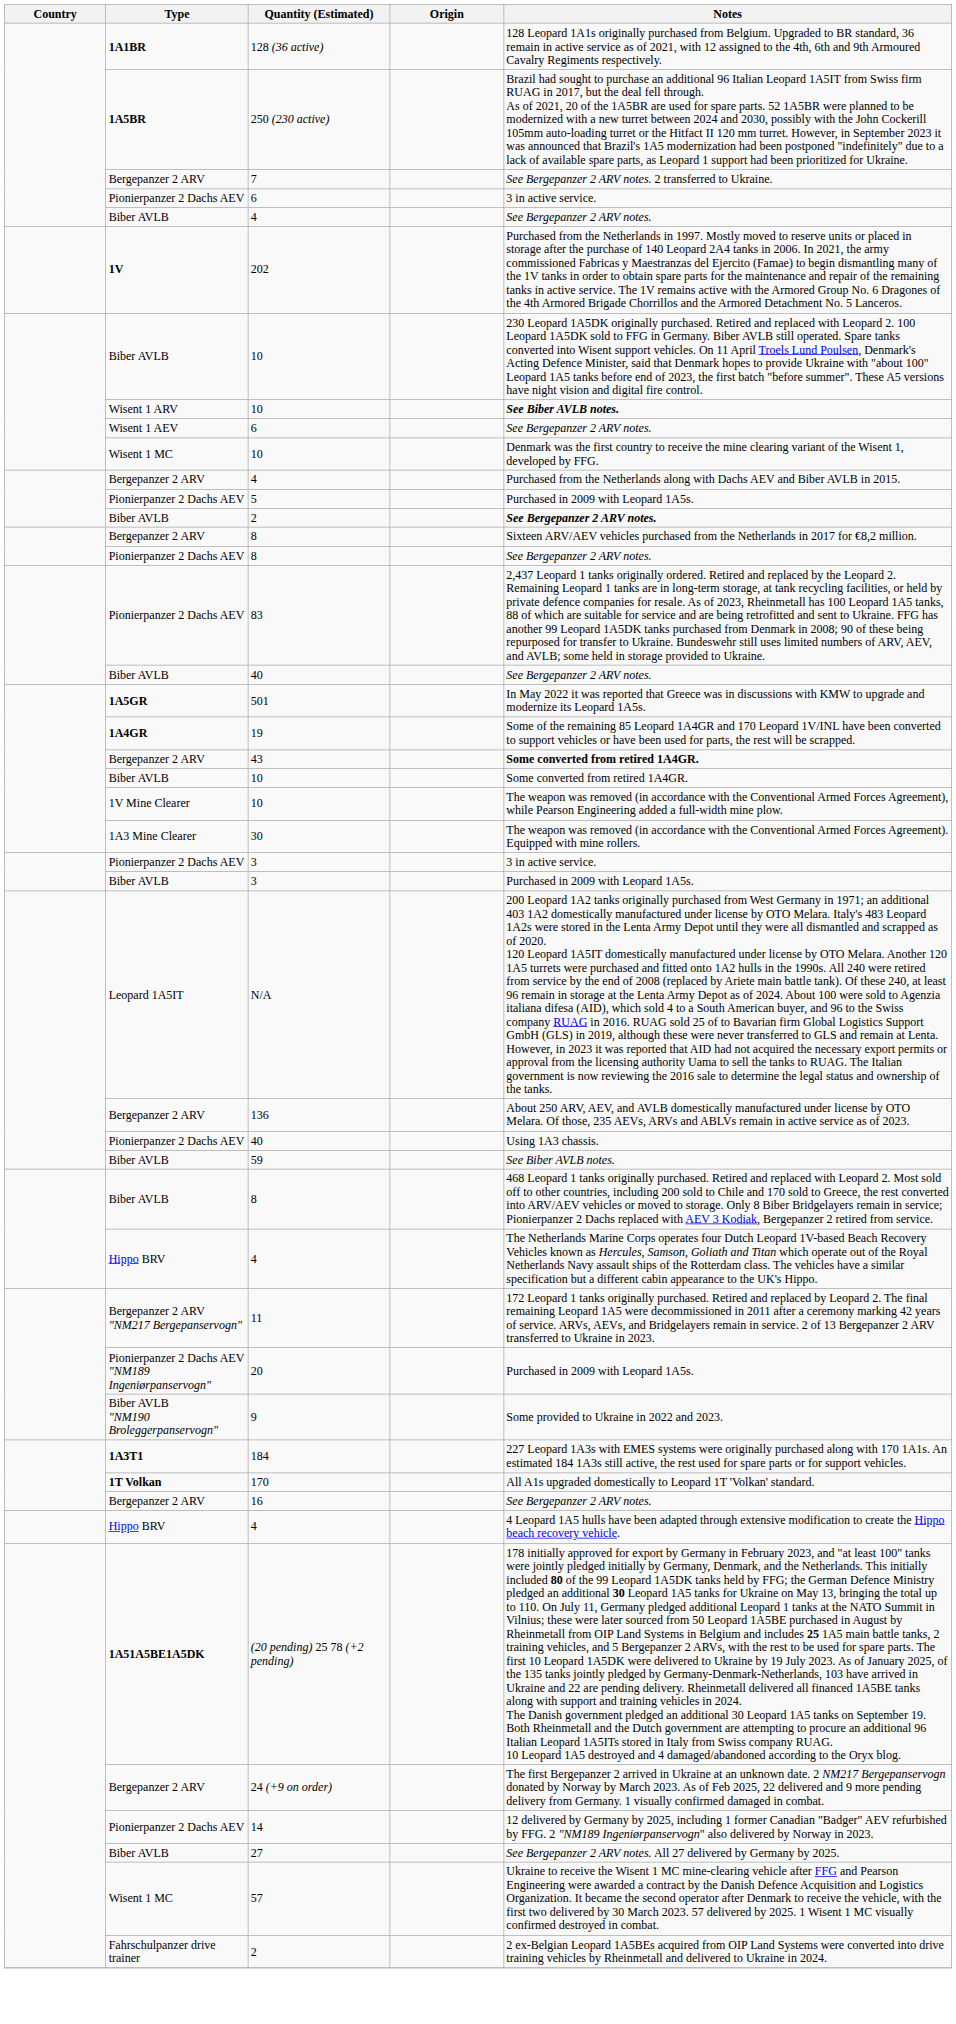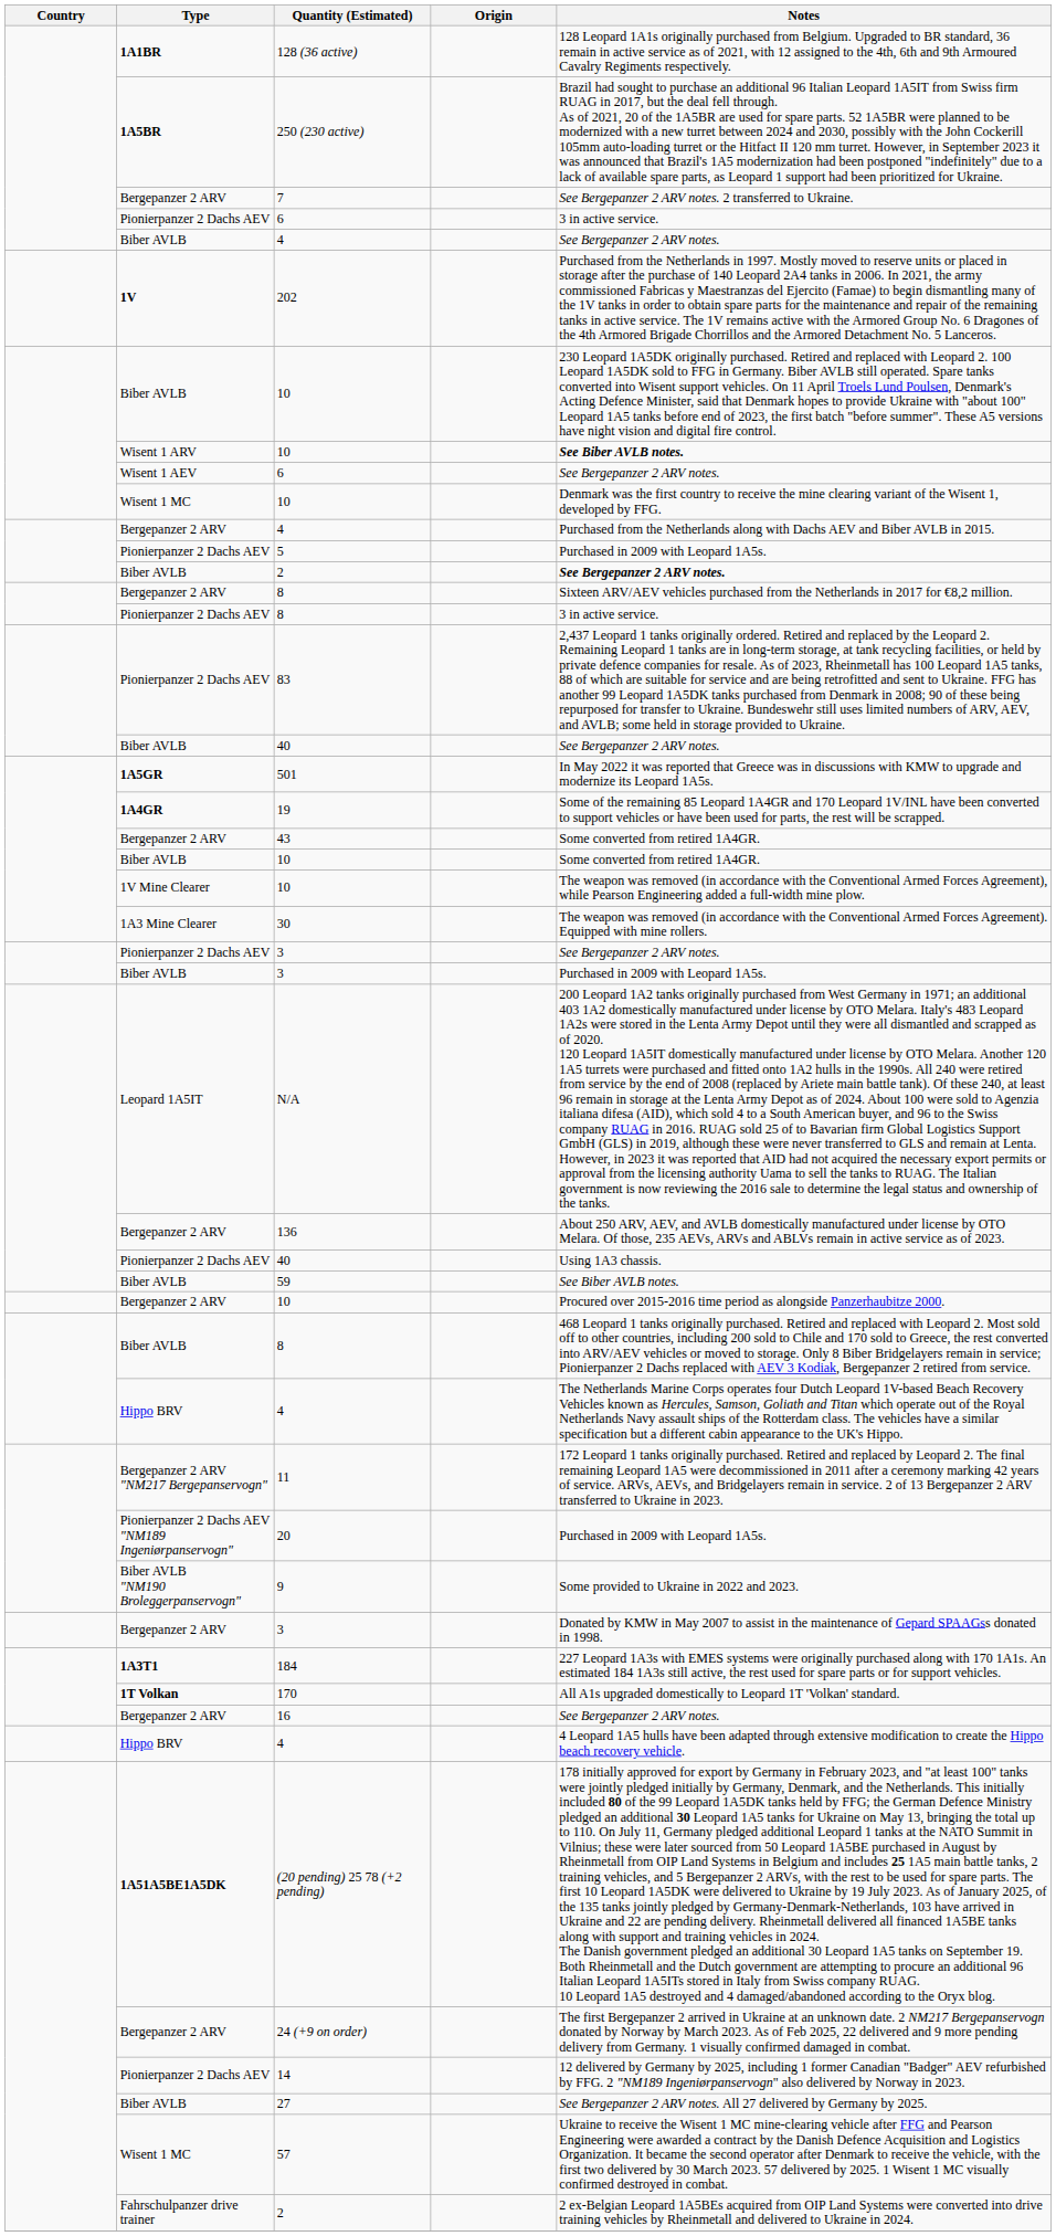 <table class="wikitable" Width="100%">
 <tr>
 <th style=width:8em>Country</th>
 <th width="15%">Type</th>
 <th width="15%">Quantity (Estimated)</th>
 <th style=width:9em>Origin</th>
 <th>Notes</th>
 </tr>
 <tr>
 <td rowspan="5" valign="top"></td>
 <td><strong>1A1BR</strong></td>
 <td>128 <em>(36 active)</em></td>
 <td></td>
 <td>128 Leopard 1A1s originally purchased from Belgium. Upgraded to BR standard, 36 remain in active service as of 2021, with 12 assigned to the 4th, 6th and 9th Armoured Cavalry Regiments respectively.</td>
 </tr>
 <tr>
 <td><strong>1A5BR</strong></td>
 <td>250 <em>(230 active)</em></td>
 <td></td>
 <td>Brazil had sought to purchase an additional 96 Italian Leopard 1A5IT from Swiss firm RUAG in 2017, but the deal fell through.<br>As of 2021, 20 of the 1A5BR are used for spare parts. 52 1A5BR were planned to be modernized with a new turret between 2024 and 2030, possibly with the John Cockerill 105mm auto-loading turret or the Hitfact II 120 mm turret. However, in September 2023 it was announced that Brazil's 1A5 modernization had been postponed "indefinitely" due to a lack of available spare parts, as Leopard 1 support had been prioritized for Ukraine.</td>
 </tr>
 <tr>
 <td>Bergepanzer 2 ARV</td>
 <td>7</td>
 <td></td>
 <td><em>See Bergepanzer 2 ARV notes.</em> 2 transferred to Ukraine.</td>
 </tr>
 <tr>
 <td>Pionierpanzer 2 Dachs AEV</td>
 <td>6</td>
 <td></td>
 <td>3 in active service.</td>
 </tr>
 <tr>
 <td>Biber AVLB</td>
 <td>4</td>
 <td></td>
 <td><em>See Bergepanzer 2 ARV notes.</em></td>
 </tr>
 <tr>
 <td rowspan="1" valign="top"></td>
 <td><strong>1V</strong></td>
 <td>202</td>
 <td></td>
 <td>Purchased from the Netherlands in 1997. Mostly moved to reserve units or placed in storage after the purchase of 140 Leopard 2A4 tanks in 2006. In 2021, the army commissioned Fabricas y Maestranzas del Ejercito (Famae) to begin dismantling many of the 1V tanks in order to obtain spare parts for the maintenance and repair of the remaining tanks in active service. The 1V remains active with the Armored Group No. 6 Dragones of the 4th Armored Brigade Chorrillos and the Armored Detachment No. 5 Lanceros.</td>
 </tr>
 <tr>
 <td rowspan="4" valign="top"></td>
 <td>Biber AVLB</td>
 <td>10</td>
 <td></td>
 <td>230 Leopard 1A5DK originally purchased. Retired and replaced with Leopard 2. 100 Leopard 1A5DK sold to FFG in Germany. Biber AVLB still operated. Spare tanks converted into Wisent support vehicles. On 11 April <a href='#'>Troels Lund Poulsen</a>, Denmark's Acting Defence Minister, said that Denmark hopes to provide Ukraine with "about 100" Leopard 1A5 tanks before end of 2023, the first batch "before summer". These A5 versions have night vision and digital fire control.</td>
 </tr>
 <tr>
 <td>Wisent 1 ARV</td>
 <td>10</td>
 <td></td>
 <td><strong><em>See Biber AVLB notes.</em></strong></td>
 </tr>
 <tr>
 <td>Wisent 1 AEV</td>
 <td>6</td>
 <td></td>
 <td><em>See Bergepanzer 2 ARV notes.</em></td>
 </tr>
 <tr>
 <td>Wisent 1 MC</td>
 <td>10</td>
 <td><br></td>
 <td>Denmark was the first country to receive the mine clearing variant of the Wisent 1, developed by FFG.</td>
 </tr>
 <tr>
 <td rowspan="3" valign="top"></td>
 <td>Bergepanzer 2 ARV</td>
 <td>4</td>
 <td></td>
 <td>Purchased from the Netherlands along with Dachs AEV and Biber AVLB in 2015.</td>
 </tr>
 <tr>
 <td>Pionierpanzer 2 Dachs AEV</td>
 <td>5</td>
 <td></td>
 <td>Purchased in 2009 with Leopard 1A5s.</td>
 </tr>
 <tr>
 <td>Biber AVLB</td>
 <td>2</td>
 <td></td>
 <td><strong><em>See Bergepanzer 2 ARV notes.</em></strong></td>
 </tr>
 <tr>
 <td rowspan="2" valign="top"></td>
 <td>Bergepanzer 2 ARV</td>
 <td>8</td>
 <td></td>
 <td>Sixteen ARV/AEV vehicles purchased from the Netherlands in 2017 for €8,2 million.</td>
 </tr>
 <tr>
 <td>Pionierpanzer 2 Dachs AEV</td>
 <td>8</td>
 <td></td>
-<td><em>See Bergepanzer 2 ARV notes.</em></td>
+<td>3 in active service.</td>
 </tr>
 <tr>
 <td rowspan="2" valign="top"></td>
 <td>Pionierpanzer 2 Dachs AEV</td>
 <td>83</td>
 <td></td>
 <td>2,437 Leopard 1 tanks originally ordered. Retired and replaced by the Leopard 2. Remaining Leopard 1 tanks are in long-term storage, at tank recycling facilities, or held by private defence companies for resale. As of 2023, Rheinmetall has 100 Leopard 1A5 tanks, 88 of which are suitable for service and are being retrofitted and sent to Ukraine. FFG has another 99 Leopard 1A5DK tanks purchased from Denmark in 2008; 90 of these being repurposed for transfer to Ukraine. Bundeswehr still uses limited numbers of ARV, AEV, and AVLB; some held in storage provided to Ukraine.</td>
 </tr>
 <tr>
 <td>Biber AVLB</td>
 <td>40</td>
 <td></td>
 <td><em>See Bergepanzer 2 ARV notes.</em></td>
 </tr>
 <tr>
 <td rowspan="6" valign="top"></td>
 <td><strong>1A5GR</strong></td>
 <td>501</td>
 <td></td>
 <td>In May 2022 it was reported that Greece was in discussions with KMW to upgrade and modernize its Leopard 1A5s.</td>
 </tr>
 <tr>
 <td><strong>1A4GR</strong></td>
 <td>19</td>
 <td></td>
 <td>Some of the remaining 85 Leopard 1A4GR and 170 Leopard 1V/INL have been converted to support vehicles or have been used for parts, the rest will be scrapped.</td>
 </tr>
 <tr>
 <td>Bergepanzer 2 ARV</td>
 <td>43</td>
 <td></td>
-<td><strong>Some converted from retired 1A4GR.</strong></td>
+<td>Some converted from retired 1A4GR.</td>
 </tr>
 <tr>
 <td>Biber AVLB</td>
 <td>10</td>
 <td></td>
 <td>Some converted from retired 1A4GR.</td>
 </tr>
 <tr>
 <td>1V Mine Clearer</td>
 <td>10</td>
 <td></td>
 <td>The weapon was removed (in accordance with the Conventional Armed Forces Agreement), while Pearson Engineering added a full-width mine plow.</td>
 </tr>
 <tr>
 <td>1A3 Mine Clearer</td>
 <td>30</td>
 <td></td>
 <td>The weapon was removed (in accordance with the Conventional Armed Forces Agreement). Equipped with mine rollers.</td>
 </tr>
 <tr>
 <td rowspan="2" valign="top"></td>
 <td>Pionierpanzer 2 Dachs AEV</td>
 <td>3</td>
 <td></td>
-<td>3 in active service.</td>
+<td><em>See Bergepanzer 2 ARV notes.</em></td>
 </tr>
 <tr>
 <td>Biber AVLB</td>
 <td>3</td>
 <td></td>
 <td>Purchased in 2009 with Leopard 1A5s.</td>
 </tr>
 <tr>
 <td rowspan="4" valign="top"></td>
 <td>Leopard 1A5IT</td>
 <td>N/A</td>
 <td><br></td>
 <td>200 Leopard 1A2 tanks originally purchased from West Germany in 1971; an additional 403 1A2 domestically manufactured under license by OTO Melara.  Italy's 483 Leopard 1A2s were stored in the Lenta Army Depot until they were all dismantled and scrapped as of 2020.<br>120 Leopard 1A5IT domestically manufactured under license by OTO Melara. Another 120 1A5 turrets were purchased and fitted onto 1A2 hulls in the 1990s. All 240 were retired from service by the end of 2008 (replaced by Ariete main battle tank). Of these 240, at least 96 remain in storage at the Lenta Army Depot as of 2024. About 100 were sold to Agenzia italiana difesa (AID), which sold 4 to a South American buyer, and 96  to the Swiss company <a href='#'>RUAG</a> in 2016. RUAG sold 25 of to Bavarian firm Global Logistics Support GmbH (GLS) in 2019, although these were never transferred to GLS and remain at Lenta. However, in 2023 it was reported that AID had not acquired the necessary export permits or approval from the licensing authority Uama to sell the tanks to RUAG. The Italian government is now reviewing the 2016 sale to determine the legal status and ownership of the tanks.</td>
 </tr>
 <tr>
 <td>Bergepanzer 2 ARV</td>
 <td>136</td>
 <td></td>
 <td>About 250 ARV, AEV, and AVLB domestically manufactured under license by OTO Melara.  Of those, 235 AEVs, ARVs and ABLVs remain in active service as of 2023.</td>
 </tr>
 <tr>
 <td>Pionierpanzer 2 Dachs AEV</td>
 <td>40</td>
 <td></td>
 <td>Using 1A3 chassis.</td>
 </tr>
 <tr>
 <td>Biber AVLB</td>
 <td>59</td>
 <td></td>
 <td><em>See Biber AVLB notes.</em></td>
 </tr>
 <tr>
+<td rowspan="1" valign="top"></td>
+<td>Bergepanzer 2 ARV</td>
+<td>10</td>
+<td></td>
+<td>Procured over 2015-2016 time period as alongside <a href='#'>Panzerhaubitze 2000</a>.</td>
+</tr>
+<tr>
 <td rowspan="2" valign="top"></td>
 <td>Biber AVLB</td>
 <td>8</td>
 <td></td>
 <td>468 Leopard 1 tanks originally purchased. Retired and replaced with Leopard 2. Most sold off to other countries, including 200 sold to Chile and 170 sold to Greece, the rest converted into ARV/AEV vehicles or moved to storage. Only 8 Biber Bridgelayers remain in service; Pionierpanzer 2 Dachs replaced with <a href='#'>AEV 3 Kodiak</a>, Bergepanzer 2 retired from service.</td>
 </tr>
 <tr>
 <td><a href='#'>Hippo</a> BRV</td>
 <td>4</td>
 <td><br></td>
 <td>The Netherlands Marine Corps operates four Dutch Leopard 1V-based Beach Recovery Vehicles known as <em>Hercules, Samson, Goliath and Titan</em> which operate out of the Royal Netherlands Navy assault ships of the Rotterdam class. The vehicles have a similar specification but a different cabin appearance to the UK's Hippo.</td>
 </tr>
 <tr>
 <td rowspan="3" valign="top"></td>
 <td>Bergepanzer 2 ARV<br><em>"NM217 Bergepanservogn"</em></td>
 <td>11</td>
 <td></td>
 <td>172 Leopard 1 tanks originally purchased. Retired and replaced by Leopard 2. The final remaining Leopard 1A5 were decommissioned in 2011 after a ceremony marking 42 years of service. ARVs, AEVs, and Bridgelayers remain in service. 2 of 13 Bergepanzer 2 ARV transferred to Ukraine in 2023.</td>
 </tr>
 <tr>
 <td>Pionierpanzer 2 Dachs AEV<br><em>"NM189 Ingeniørpanservogn"</em></td>
 <td>20</td>
 <td></td>
 <td>Purchased in 2009 with Leopard 1A5s.</td>
 </tr>
 <tr>
 <td>Biber AVLB<br><em>"NM190 Broleggerpanservogn"</em></td>
 <td>9</td>
 <td></td>
 <td>Some provided to Ukraine in 2022 and 2023.</td>
+</tr>
+<tr>
+<td rowspan="1" valign="top"></td>
+<td>Bergepanzer 2 ARV</td>
+<td>3</td>
+<td></td>
+<td>Donated by KMW in May 2007 to assist in the maintenance of <a href='#'>Gepard SPAAGs</a>s donated in 1998.</td>
 </tr>
 <tr>
 <td rowspan="3" valign="top"></td>
 <td><strong>1A3T1</strong></td>
 <td>184</td>
 <td></td>
 <td>227 Leopard 1A3s with EMES systems were originally purchased along with 170 1A1s. An estimated 184 1A3s still active, the rest used for spare parts or for support vehicles.</td>
 </tr>
 <tr>
 <td><strong>1T Volkan</strong></td>
 <td>170</td>
 <td><br></td>
 <td>All A1s upgraded domestically to Leopard 1T 'Volkan' standard.</td>
 </tr>
 <tr>
 <td>Bergepanzer 2 ARV</td>
 <td>16</td>
 <td></td>
 <td><em>See Bergepanzer 2 ARV notes.</em></td>
 </tr>
 <tr>
 <td rowspan="1" valign="top"></td>
 <td><a href='#'>Hippo</a> BRV</td>
 <td>4</td>
 <td><br></td>
 <td>4 Leopard 1A5 hulls have been adapted through extensive modification to create the <a href='#'>Hippo</a> <a href='#'>beach recovery vehicle</a>.</td>
 </tr>
 <tr>
 <td rowspan="6" valign="top"></td>
 <td><strong>1A5</strong><strong>1A5BE</strong><strong>1A5DK</strong></td>
 <td><em>(20 pending)</em>  25  78 <em>(+2 pending)</em></td>
 <td></td>
 <td>178 initially approved for export by Germany in February 2023, and "at least 100" tanks were jointly pledged initially by Germany, Denmark, and the Netherlands. This initially included <strong>80</strong> of the 99 Leopard 1A5DK tanks held by FFG; the German Defence Ministry pledged an additional <strong>30</strong> Leopard 1A5 tanks for Ukraine on May 13, bringing the total up to 110. On July 11, Germany pledged additional Leopard 1 tanks at the NATO Summit in Vilnius; these were later sourced from 50 Leopard 1A5BE purchased in August by Rheinmetall from OIP Land Systems in Belgium and includes <strong>25</strong> 1A5 main battle tanks, 2 training vehicles, and 5 Bergepanzer 2 ARVs, with the rest to be used for spare parts. The first 10 Leopard 1A5DK were delivered to Ukraine by 19 July 2023. As of January 2025, of the 135 tanks jointly pledged by Germany-Denmark-Netherlands, 103 have arrived in Ukraine and 22 are pending delivery. Rheinmetall delivered all financed 1A5BE tanks along with support and training vehicles in 2024.<br>The Danish government pledged an additional 30 Leopard 1A5 tanks on September 19. Both Rheinmetall and the Dutch government are attempting to procure an additional 96 Italian Leopard 1A5ITs stored in Italy from Swiss company RUAG.<br>10 Leopard 1A5 destroyed and 4 damaged/abandoned according to the Oryx blog.</td>
 </tr>
 <tr>
 <td>Bergepanzer 2 ARV</td>
 <td>24 <em>(+9 on order)</em></td>
 <td></td>
 <td>The first Bergepanzer 2 arrived in Ukraine at an unknown date. 2 <em>NM217 Bergepanservogn</em> donated by Norway by March 2023. As of Feb 2025, 22 delivered and 9 more pending delivery from Germany. 1 visually confirmed damaged in combat.</td>
 </tr>
 <tr>
 <td>Pionierpanzer 2 Dachs AEV</td>
 <td>14</td>
 <td></td>
 <td>12 delivered by Germany by 2025, including 1 former Canadian "Badger" AEV refurbished by FFG. 2 <em>"NM189 Ingeniørpanservogn</em>" also delivered by Norway in 2023.</td>
 </tr>
 <tr>
 <td>Biber AVLB</td>
 <td>27</td>
 <td></td>
 <td><em>See Bergepanzer 2 ARV notes.</em> All 27 delivered by Germany by 2025.</td>
 </tr>
 <tr>
 <td>Wisent 1 MC</td>
 <td>57</td>
 <td></td>
 <td>Ukraine to receive the Wisent 1 MC mine-clearing vehicle after <a href='#'>FFG</a> and Pearson Engineering were awarded a contract by the Danish Defence Acquisition and Logistics Organization. It became the second operator after Denmark to receive the vehicle, with the first two delivered by 30 March 2023. 57 delivered by 2025. 1 Wisent 1 MC visually confirmed destroyed in combat.</td>
 </tr>
 <tr>
 <td>Fahrschulpanzer drive trainer</td>
 <td>2</td>
 <td></td>
 <td>2 ex-Belgian Leopard 1A5BEs acquired from OIP Land Systems were converted into drive training vehicles by Rheinmetall and delivered to Ukraine in 2024.</td>
 </tr>
 <tr>
 </tr>
 </table>
